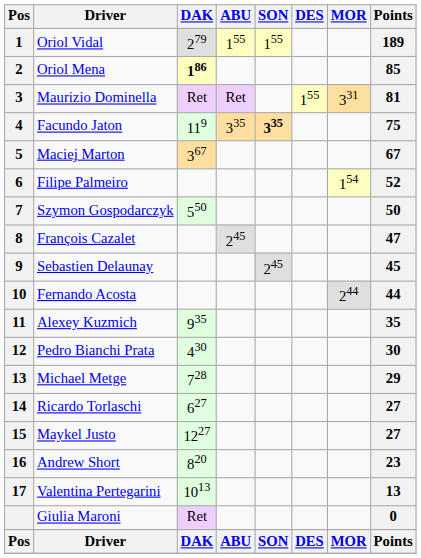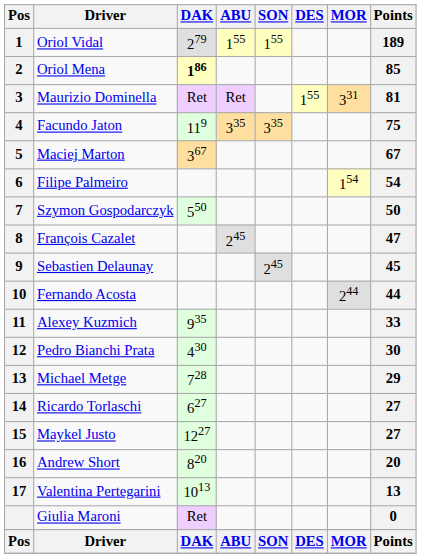 <table class="wikitable" style="font-size: 85%; text-align: center; display: inline-table;">
 <tr valign="top">
 <th valign="middle">Pos</th>
 <th valign="middle">Driver</th>
 <th><a href='#'>DAK</a><br></th>
 <th><a href='#'>ABU</a><br></th>
 <th><a href='#'>SON</a><br></th>
 <th><a href='#'>DES</a><br></th>
 <th><a href='#'>MOR</a><br></th>
 <th valign="middle">Points</th>
 </tr>
 <tr>
 <th>1</th>
 <td align=left> <a href='#'>Oriol Vidal</a></td>
 <td style="background:#dfdfdf;">2<sup>79</sup></td>
 <td style="background:#ffffbf;">1<sup>55</sup></td>
 <td style="background:#ffffbf;">1<sup>55</sup></td>
 <td></td>
 <td></td>
 <th>189</th>
 </tr>
 <tr>
 <th>2</th>
 <td align=left> <a href='#'>Oriol Mena</a></td>
 <td style="background:#ffffbf;"><strong>1<sup>86</sup></strong></td>
 <td></td>
 <td></td>
 <td></td>
 <td></td>
 <th>85</th>
 </tr>
 <tr>
 <th>3</th>
 <td align=left> <a href='#'>Maurizio Dominella</a></td>
 <td style="background:#efcfff;">Ret</td>
 <td style="background:#efcfff;">Ret</td>
 <td></td>
 <td style="background:#ffffbf;">1<sup>55</sup></td>
 <td style="background:#ffdf9f;">3<sup>31</sup></td>
 <th>81</th>
 </tr>
 <tr>
 <th>4</th>
 <td align=left> <a href='#'>Facundo Jaton</a></td>
 <td style="background:#dfffdf;">11<sup>9</sup></td>
 <td style="background:#ffdf9f;">3<sup>35</sup></td>
-<td style="background:#ffdf9f;"><strong>3<sup>35</sup></strong></td>
+<td style="background:#ffdf9f;">3<sup>35</sup></td>
 <td></td>
 <td></td>
 <th>75</th>
 </tr>
 <tr>
 <th>5</th>
 <td align=left> <a href='#'>Maciej Marton</a></td>
 <td style="background:#ffdf9f;">3<sup>67</sup></td>
 <td></td>
 <td></td>
 <td></td>
 <td></td>
 <th>67</th>
 </tr>
 <tr>
 <th>6</th>
 <td align=left> <a href='#'>Filipe Palmeiro</a></td>
 <td></td>
 <td></td>
 <td></td>
 <td></td>
 <td style="background:#ffffbf;">1<sup>54</sup></td>
-<th>52</th>
+<th>54</th>
 </tr>
 <tr>
 <th>7</th>
 <td align=left> <a href='#'>Szymon Gospodarczyk</a></td>
 <td style="background:#dfffdf;">5<sup>50</sup></td>
 <td></td>
 <td></td>
 <td></td>
 <td></td>
 <th>50</th>
 </tr>
 <tr>
 <th>8</th>
 <td align=left> <a href='#'>François Cazalet</a></td>
 <td></td>
 <td style="background:#dfdfdf;">2<sup>45</sup></td>
 <td></td>
 <td></td>
 <td></td>
 <th>47</th>
 </tr>
 <tr>
 <th>9</th>
 <td align=left> <a href='#'>Sebastien Delaunay</a></td>
 <td></td>
 <td></td>
 <td style="background:#dfdfdf;">2<sup>45</sup></td>
 <td></td>
 <td></td>
 <th>45</th>
 </tr>
 <tr>
 <th>10</th>
 <td align=left> <a href='#'>Fernando Acosta</a></td>
 <td></td>
 <td></td>
 <td></td>
 <td></td>
 <td style="background:#dfdfdf;">2<sup>44</sup></td>
 <th>44</th>
 </tr>
 <tr>
 <th>11</th>
 <td align=left> <a href='#'>Alexey Kuzmich</a></td>
 <td style="background:#dfffdf;">9<sup>35</sup></td>
 <td></td>
 <td></td>
 <td></td>
 <td></td>
-<th>35</th>
+<th>33</th>
 </tr>
 <tr>
 <th>12</th>
 <td align=left> <a href='#'>Pedro Bianchi Prata</a></td>
 <td style="background:#dfffdf;">4<sup>30</sup></td>
 <td></td>
 <td></td>
 <td></td>
 <td></td>
 <th>30</th>
 </tr>
 <tr>
 <th>13</th>
 <td align=left> <a href='#'>Michael Metge</a></td>
 <td style="background:#dfffdf;">7<sup>28</sup></td>
 <td></td>
 <td></td>
 <td></td>
 <td></td>
 <th>29</th>
 </tr>
 <tr>
 <th>14</th>
 <td align=left> <a href='#'>Ricardo Torlaschi</a></td>
 <td style="background:#dfffdf;">6<sup>27</sup></td>
 <td></td>
 <td></td>
 <td></td>
 <td></td>
 <th>27</th>
 </tr>
 <tr>
 <th>15</th>
 <td align=left> <a href='#'>Maykel Justo</a></td>
 <td style="background:#dfffdf;">12<sup>27</sup></td>
 <td></td>
 <td></td>
 <td></td>
 <td></td>
 <th>27</th>
 </tr>
 <tr>
 <th>16</th>
 <td align=left> <a href='#'>Andrew Short</a></td>
 <td style="background:#dfffdf;">8<sup>20</sup></td>
 <td></td>
 <td></td>
 <td></td>
 <td></td>
-<th>23</th>
+<th>20</th>
 </tr>
 <tr>
 <th>17</th>
 <td align=left> <a href='#'>Valentina Pertegarini</a></td>
 <td style="background:#dfffdf;">10<sup>13</sup></td>
 <td></td>
 <td></td>
 <td></td>
 <td></td>
 <th>13</th>
 </tr>
 <tr>
 <th></th>
 <td align=left> <a href='#'>Giulia Maroni</a></td>
 <td style="background:#efcfff;">Ret</td>
 <td></td>
 <td></td>
 <td></td>
 <td></td>
 <th>0</th>
 </tr>
 <tr>
 </tr>
 <tr valign="top">
 <th valign="middle">Pos</th>
 <th valign="middle">Driver</th>
 <th><a href='#'>DAK</a><br></th>
 <th><a href='#'>ABU</a><br></th>
 <th><a href='#'>SON</a><br></th>
 <th><a href='#'>DES</a><br></th>
 <th><a href='#'>MOR</a><br></th>
 <th valign="middle">Points</th>
 </tr>
 <tr>
 </tr>
 </table>
